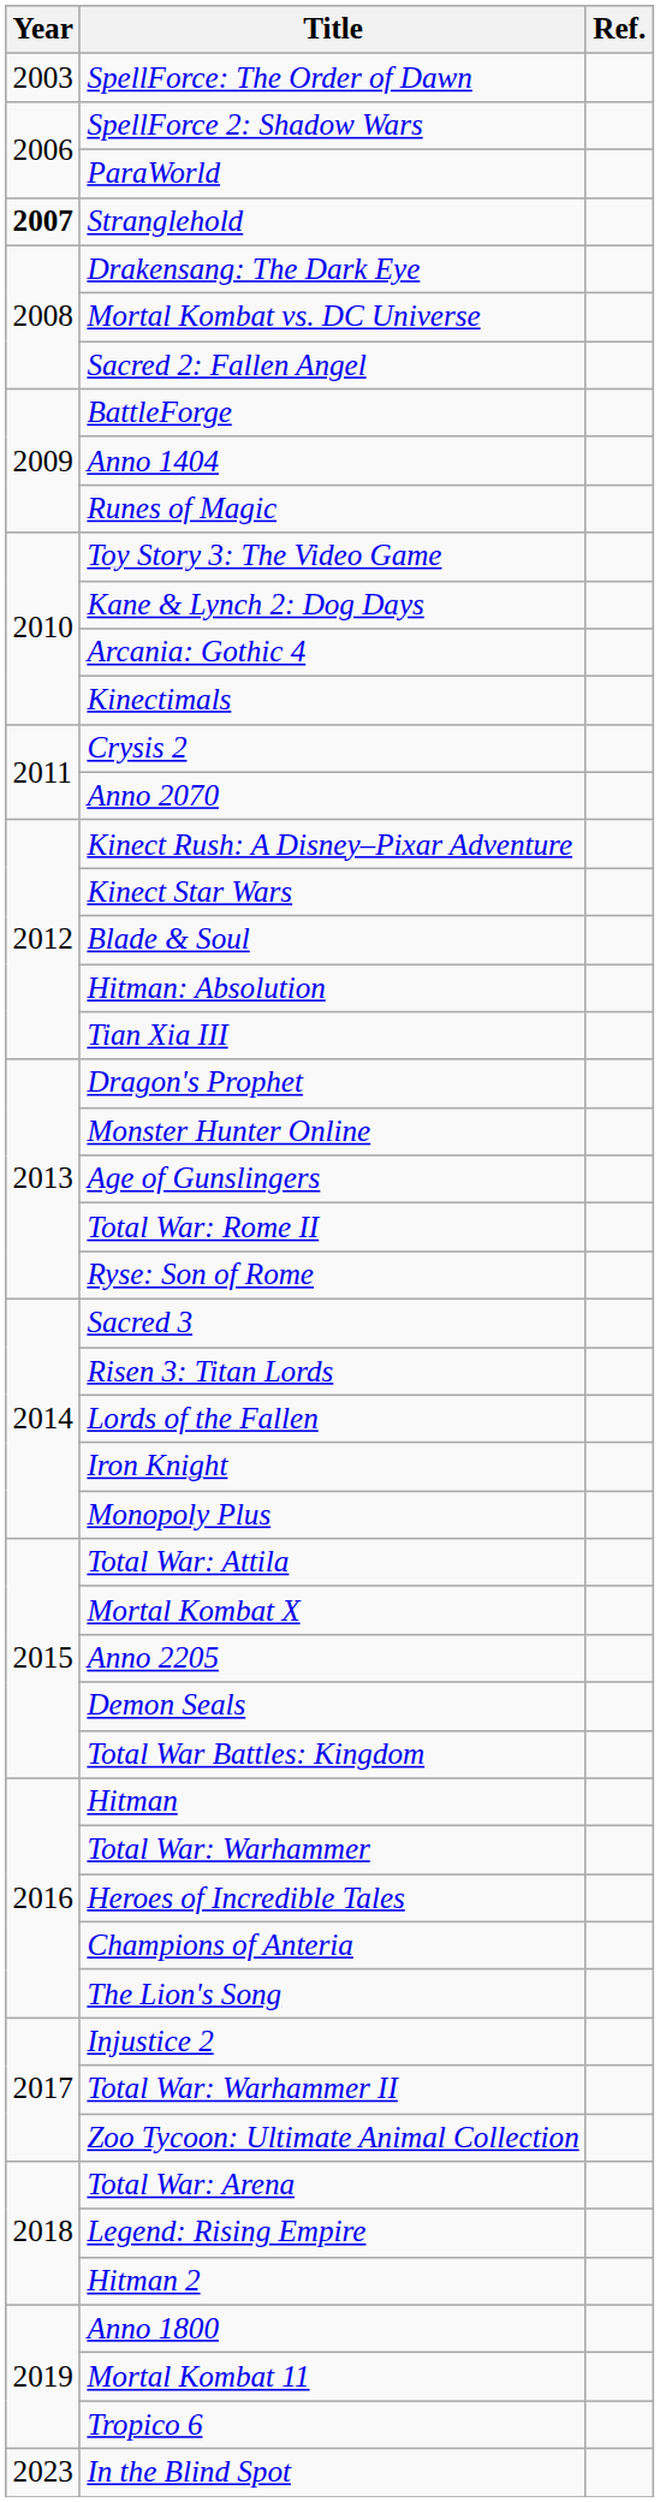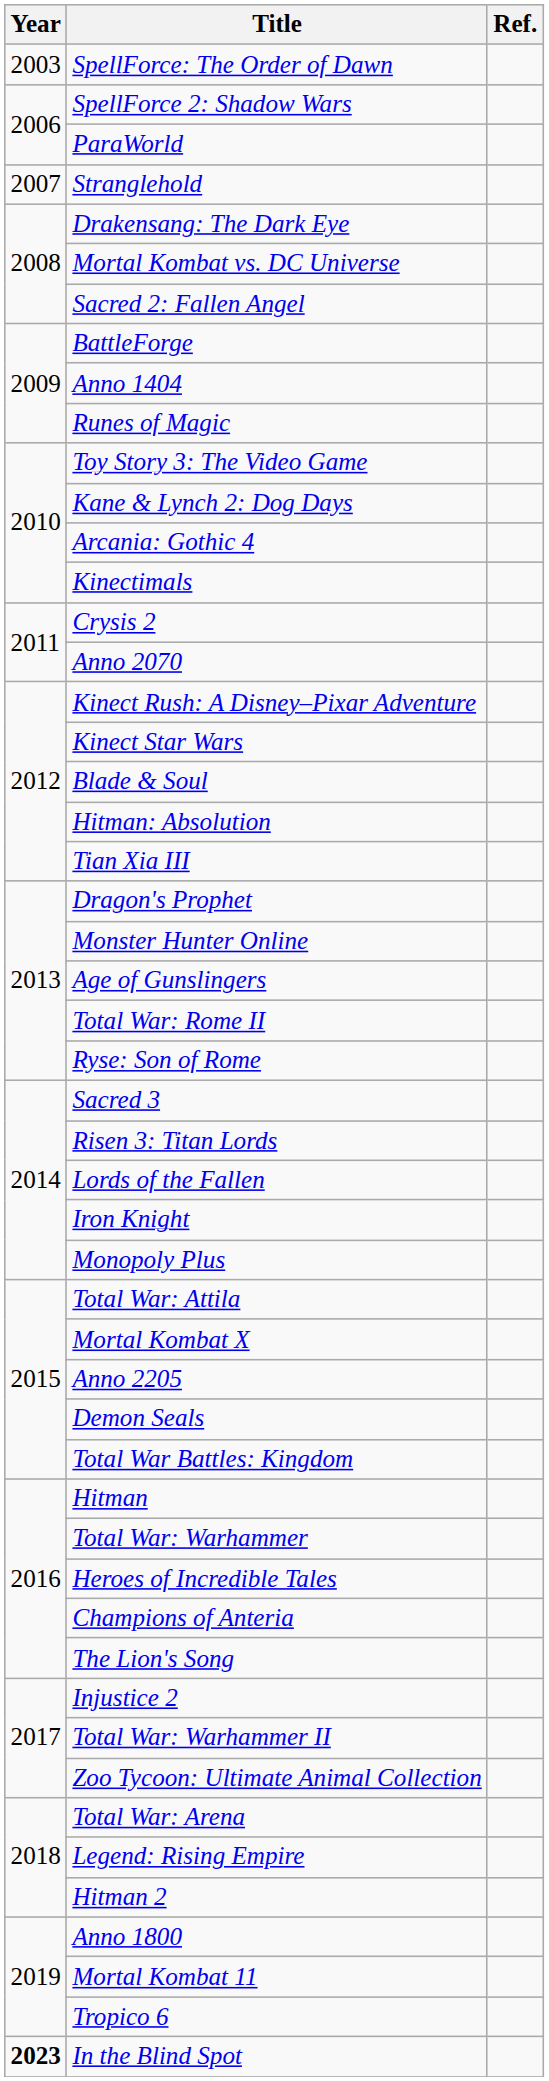 <table class="wikitable sortable">
 <tr>
 <th>Year</th>
 <th>Title</th>
 <th>Ref.</th>
 </tr>
 <tr>
 <td>2003</td>
 <td><em><a href='#'>SpellForce: The Order of Dawn</a></em></td>
 <td></td>
 </tr>
 <tr>
 <td rowspan="2">2006</td>
 <td><em><a href='#'>SpellForce 2: Shadow Wars</a></em></td>
 <td></td>
 </tr>
 <tr>
 <td><em><a href='#'>ParaWorld</a></em></td>
 <td></td>
 </tr>
 <tr>
-<td><strong>2007</strong></td>
+<td>2007</td>
 <td><em><a href='#'>Stranglehold</a></em></td>
 <td></td>
 </tr>
 <tr>
 <td rowspan="3">2008</td>
 <td><em><a href='#'>Drakensang: The Dark Eye</a></em></td>
 <td></td>
 </tr>
 <tr>
 <td><em><a href='#'>Mortal Kombat vs. DC Universe</a></em></td>
 <td></td>
 </tr>
 <tr>
 <td><em><a href='#'>Sacred 2: Fallen Angel</a></em></td>
 <td></td>
 </tr>
 <tr>
 <td rowspan="3">2009</td>
 <td><em><a href='#'>BattleForge</a></em></td>
 <td></td>
 </tr>
 <tr>
 <td><em><a href='#'>Anno 1404</a></em></td>
 <td></td>
 </tr>
 <tr>
 <td><em><a href='#'>Runes of Magic</a></em></td>
 <td></td>
 </tr>
 <tr>
 <td rowspan="4">2010</td>
 <td><em><a href='#'>Toy Story 3: The Video Game</a></em></td>
 <td></td>
 </tr>
 <tr>
 <td><em><a href='#'>Kane & Lynch 2: Dog Days</a></em></td>
 <td></td>
 </tr>
 <tr>
 <td><em><a href='#'>Arcania: Gothic 4</a></em></td>
 <td></td>
 </tr>
 <tr>
 <td><em><a href='#'>Kinectimals</a></em></td>
 <td></td>
 </tr>
 <tr>
 <td rowspan="2">2011</td>
 <td><em><a href='#'>Crysis 2</a></em></td>
 <td></td>
 </tr>
 <tr>
 <td><em><a href='#'>Anno 2070</a></em></td>
 <td></td>
 </tr>
 <tr>
 <td rowspan="5">2012</td>
 <td><em><a href='#'>Kinect Rush: A Disney–Pixar Adventure</a></em></td>
 <td></td>
 </tr>
 <tr>
 <td><em><a href='#'>Kinect Star Wars</a></em></td>
 <td></td>
 </tr>
 <tr>
 <td><em><a href='#'>Blade & Soul</a></em></td>
 <td></td>
 </tr>
 <tr>
 <td><em><a href='#'>Hitman: Absolution</a></em></td>
 <td></td>
 </tr>
 <tr>
 <td><em><a href='#'>Tian Xia III</a></em></td>
 <td></td>
 </tr>
 <tr>
 <td rowspan="5">2013</td>
 <td><em><a href='#'>Dragon's Prophet</a></em></td>
 <td></td>
 </tr>
 <tr>
 <td><em><a href='#'>Monster Hunter Online</a></em></td>
 <td></td>
 </tr>
 <tr>
 <td><em><a href='#'>Age of Gunslingers</a></em></td>
 <td></td>
 </tr>
 <tr>
 <td><em><a href='#'>Total War: Rome II</a></em></td>
 <td></td>
 </tr>
 <tr>
 <td><em><a href='#'>Ryse: Son of Rome</a></em></td>
 <td></td>
 </tr>
 <tr>
 <td rowspan="5">2014</td>
 <td><em><a href='#'>Sacred 3</a></em></td>
 <td></td>
 </tr>
 <tr>
 <td><em><a href='#'>Risen 3: Titan Lords</a></em></td>
 <td></td>
 </tr>
 <tr>
 <td><em><a href='#'>Lords of the Fallen</a></em></td>
 <td></td>
 </tr>
 <tr>
 <td><em><a href='#'>Iron Knight</a></em></td>
 <td></td>
 </tr>
 <tr>
 <td><em><a href='#'>Monopoly Plus</a></em></td>
 <td></td>
 </tr>
 <tr>
 <td rowspan="5">2015</td>
 <td><em><a href='#'>Total War: Attila</a></em></td>
 <td></td>
 </tr>
 <tr>
 <td><em><a href='#'>Mortal Kombat X</a></em></td>
 <td></td>
 </tr>
 <tr>
 <td><em><a href='#'>Anno 2205</a></em></td>
 <td></td>
 </tr>
 <tr>
 <td><em><a href='#'>Demon Seals</a></em></td>
 <td></td>
 </tr>
 <tr>
 <td><em><a href='#'>Total War Battles: Kingdom</a></em></td>
 <td></td>
 </tr>
 <tr>
 <td rowspan="5">2016</td>
 <td><em><a href='#'>Hitman</a></em></td>
 <td></td>
 </tr>
 <tr>
 <td><em><a href='#'>Total War: Warhammer</a></em></td>
 <td></td>
 </tr>
 <tr>
 <td><em><a href='#'>Heroes of Incredible Tales</a></em></td>
 <td></td>
 </tr>
 <tr>
 <td><em><a href='#'>Champions of Anteria</a></em></td>
 <td></td>
 </tr>
 <tr>
 <td><em><a href='#'>The Lion's Song</a></em></td>
 <td></td>
 </tr>
 <tr>
 <td rowspan="3">2017</td>
 <td><em><a href='#'>Injustice 2</a></em></td>
 <td></td>
 </tr>
 <tr>
 <td><em><a href='#'>Total War: Warhammer II</a></em></td>
 <td></td>
 </tr>
 <tr>
 <td><em><a href='#'>Zoo Tycoon: Ultimate Animal Collection</a></em></td>
 <td></td>
 </tr>
 <tr>
 <td rowspan="3">2018</td>
 <td><em><a href='#'>Total War: Arena</a></em></td>
 <td></td>
 </tr>
 <tr>
 <td><em><a href='#'>Legend: Rising Empire</a></em></td>
 <td></td>
 </tr>
 <tr>
 <td><em><a href='#'>Hitman 2</a></em></td>
 <td></td>
 </tr>
 <tr>
 <td rowspan="3">2019</td>
 <td><em><a href='#'>Anno 1800</a></em></td>
 <td></td>
 </tr>
 <tr>
 <td><em><a href='#'>Mortal Kombat 11</a></em></td>
 <td></td>
 </tr>
 <tr>
 <td><em><a href='#'>Tropico 6</a></em></td>
 <td></td>
 </tr>
 <tr>
-<td rowspan="1">2023</td>
+<td rowspan="1"><strong>2023</strong></td>
 <td><em><a href='#'>In the Blind Spot</a></em></td>
 <td></td>
 </tr>
 <tr>
 </tr>
 </table>
